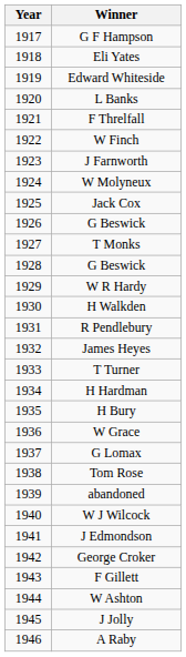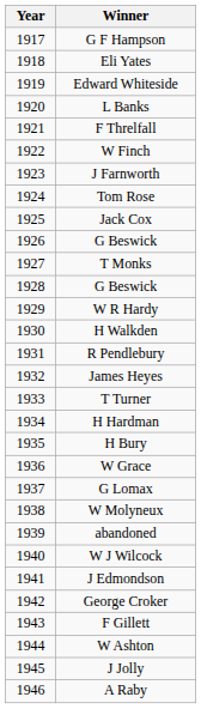 <table class="wikitable" style="text-align:center">
 <tr>
 <th width=50>Year</th>
 <th width=150>Winner</th>
 </tr>
 <tr>
 <td>1917</td>
 <td>G F Hampson</td>
 </tr>
 <tr>
 <td>1918</td>
 <td>Eli Yates</td>
 </tr>
 <tr>
 <td>1919</td>
 <td>Edward Whiteside</td>
 </tr>
 <tr>
 <td>1920</td>
 <td>L Banks</td>
 </tr>
 <tr>
 <td>1921</td>
 <td>F Threlfall</td>
 </tr>
 <tr>
 <td>1922</td>
 <td>W Finch</td>
 </tr>
 <tr>
 <td>1923</td>
 <td>J Farnworth</td>
 </tr>
 <tr>
 <td>1924</td>
-<td>W Molyneux</td>
+<td>Tom Rose</td>
 </tr>
 <tr>
 <td>1925</td>
 <td>Jack Cox</td>
 </tr>
 <tr>
 <td>1926</td>
 <td>G Beswick</td>
 </tr>
 <tr>
 <td>1927</td>
 <td>T Monks</td>
 </tr>
 <tr>
 <td>1928</td>
 <td>G Beswick</td>
 </tr>
 <tr>
 <td>1929</td>
 <td>W R Hardy</td>
 </tr>
 <tr>
 <td>1930</td>
 <td>H Walkden</td>
 </tr>
 <tr>
 <td>1931</td>
 <td>R Pendlebury</td>
 </tr>
 <tr>
 <td>1932</td>
 <td>James Heyes</td>
 </tr>
 <tr>
 <td>1933</td>
 <td>T Turner</td>
 </tr>
 <tr>
 <td>1934</td>
 <td>H Hardman</td>
 </tr>
 <tr>
 <td>1935</td>
 <td>H Bury</td>
 </tr>
 <tr>
 <td>1936</td>
 <td>W Grace</td>
 </tr>
 <tr>
 <td>1937</td>
 <td>G Lomax</td>
 </tr>
 <tr>
 <td>1938</td>
-<td>Tom Rose</td>
+<td>W Molyneux</td>
 </tr>
 <tr>
 <td>1939</td>
 <td>abandoned</td>
 </tr>
 <tr>
 <td>1940</td>
 <td>W J Wilcock</td>
 </tr>
 <tr>
 <td>1941</td>
 <td>J Edmondson</td>
 </tr>
 <tr>
 <td>1942</td>
 <td>George Croker</td>
 </tr>
 <tr>
 <td>1943</td>
 <td>F Gillett</td>
 </tr>
 <tr>
 <td>1944</td>
 <td>W Ashton</td>
 </tr>
 <tr>
 <td>1945</td>
 <td>J Jolly</td>
 </tr>
 <tr>
 <td>1946</td>
 <td>A Raby</td>
 </tr>
 </table>
